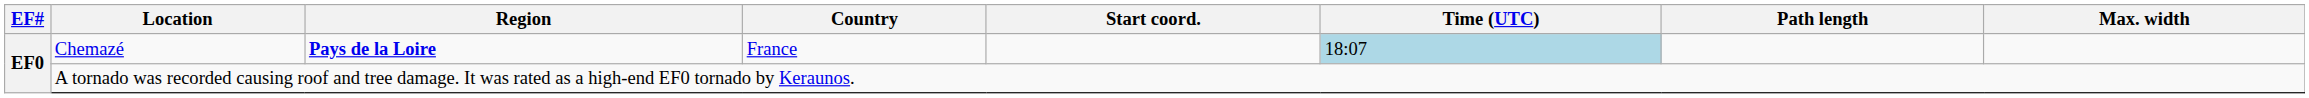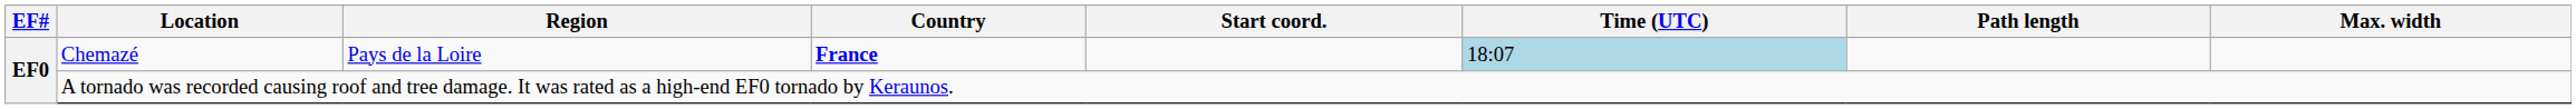 <table class="wikitable sortable" style="width:100%;">
 <tr>
 <th scope="col" width="2%" align="center"><a href='#'>EF#</a></th>
 <th scope="col" align="center" class="unsortable">Location</th>
 <th scope="col" align="center" class="unsortable">Region</th>
 <th scope="col" align="center">Country</th>
 <th scope="col" align="center">Start coord.</th>
 <th scope="col" align="center">Time (<a href='#'>UTC</a>)</th>
 <th scope="col" align="center">Path length</th>
 <th scope="col" align="center">Max. width</th>
 </tr>
 <tr>
 <th scope="row" rowspan="2" style="background-color:#">EF0</th>
 <td><a href='#'>Chemazé</a></td>
-<td><strong><a href='#'>Pays de la Loire</a></strong></td>
-<td><a href='#'>France</a></td>
+<td><a href='#'>Pays de la Loire</a></td>
+<td><strong><a href='#'>France</a></strong></td>
 <td></td>
 <td style="background: lightblue;">18:07</td>
 <td></td>
 <td></td>
 </tr>
 <tr class="expand-child">
 <td colspan="8" style=" border-bottom: 1px solid black;">A tornado was recorded causing roof and tree damage. It was rated as a high-end EF0 tornado by <a href='#'>Keraunos</a>.</td>
 </tr>
 </table>
